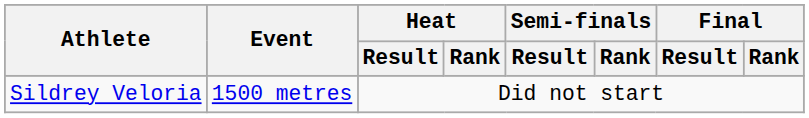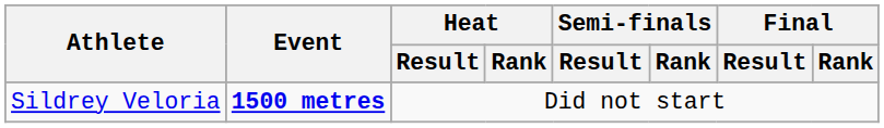 <table class="wikitable" style="font-size:90%; text-align:center">
 <tr>
 <th rowspan="2">Athlete</th>
 <th rowspan="2">Event</th>
 <th colspan="2">Heat</th>
 <th colspan="2">Semi-finals</th>
 <th colspan="2">Final</th>
 </tr>
 <tr>
 <th>Result</th>
 <th>Rank</th>
 <th>Result</th>
 <th>Rank</th>
 <th>Result</th>
 <th>Rank</th>
 </tr>
 <tr>
 <td align="left"><a href='#'>Sildrey Veloria</a></td>
-<td align="left"><a href='#'>1500 metres</a></td>
+<td align="left"><strong><a href='#'>1500 metres</a></strong></td>
 <td colspan="6">Did not start</td>
 </tr>
 </table>
